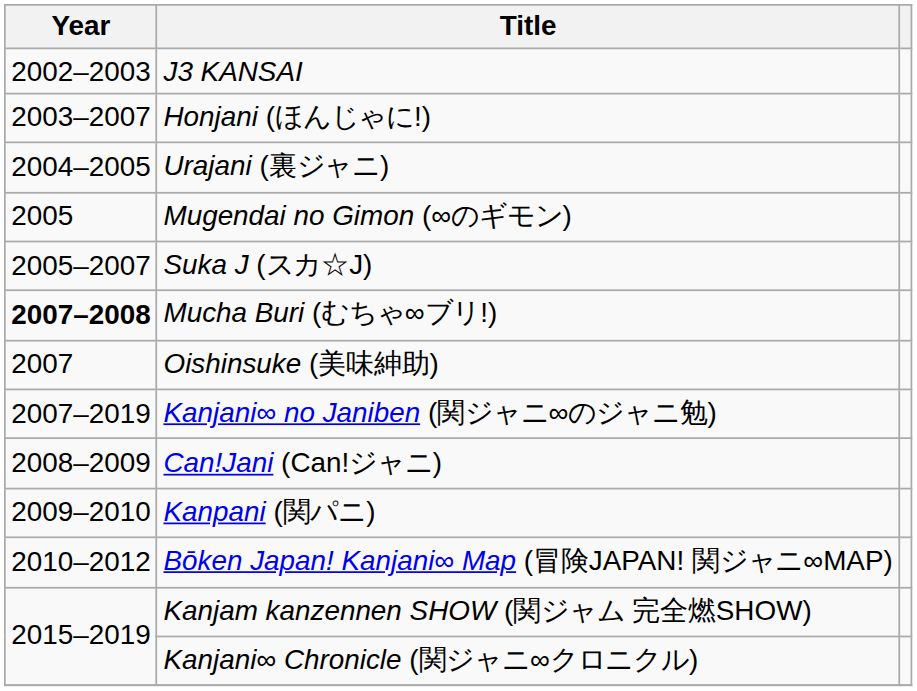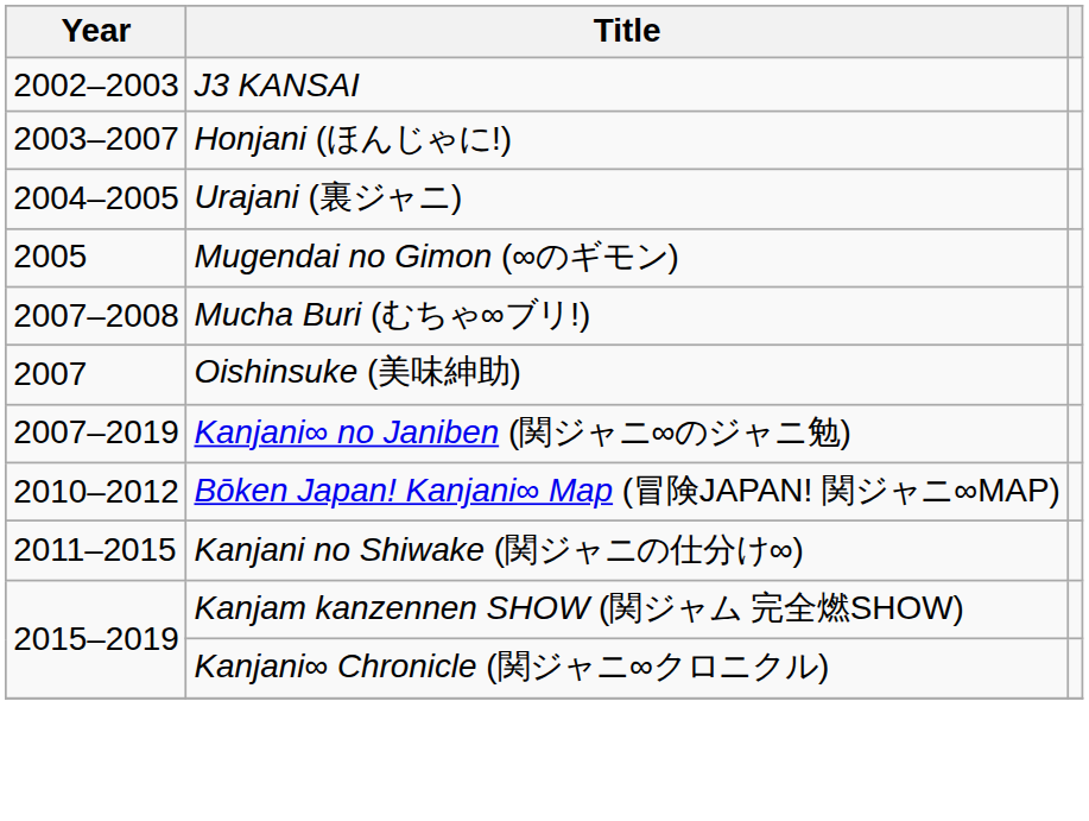 <table class="wikitable">
 <tr>
 <th>Year</th>
 <th>Title</th>
 <th></th>
 </tr>
 <tr>
 <td>2002–⁠2003</td>
 <td><em>J3 KANSAI</em></td>
 <td></td>
 </tr>
 <tr>
 <td>2003–⁠2007</td>
 <td><em>Honjani</em> (ほんじゃに!)</td>
 <td></td>
 </tr>
 <tr>
 <td>2004–⁠2005</td>
 <td><em>Urajani</em> (裏ジャニ)</td>
 <td></td>
 </tr>
 <tr>
 <td>2005</td>
 <td><em>Mugendai no Gimon</em> (∞のギモン)</td>
 <td></td>
 </tr>
 <tr>
-<td>2005–⁠2007</td>
-<td><em>Suka J</em> (スカ☆J)</td>
-<td></td>
-</tr>
-<tr>
-<td><strong>2007–⁠2008</strong></td>
+<td>2007–⁠2008</td>
 <td><em>Mucha Buri</em> (むちゃ∞ブリ!)</td>
 <td></td>
 </tr>
 <tr>
 <td>2007</td>
 <td><em>Oishinsuke</em> (美味紳助)</td>
 <td></td>
 </tr>
 <tr>
 <td>2007–2019</td>
 <td><em><a href='#'>Kanjani∞ no Janiben</a></em> (関ジャニ∞のジャニ勉)</td>
 <td></td>
 </tr>
 <tr>
-<td>2008–⁠2009</td>
-<td><em><a href='#'>Can!Jani</a></em> (Can!ジャニ)</td>
+<td>2010–⁠2012</td>
+<td><em><a href='#'>Bōken Japan! Kanjani∞ Map</a></em> (冒険JAPAN! 関ジャニ∞MAP)</td>
 <td></td>
 </tr>
 <tr>
-<td>2009–⁠2010</td>
-<td><em><a href='#'>Kanpani</a></em> (関パニ)</td>
-<td></td>
-</tr>
-<tr>
-<td>2010–⁠2012</td>
-<td><em><a href='#'>Bōken Japan! Kanjani∞ Map</a></em> (冒険JAPAN! 関ジャニ∞MAP)</td>
+<td>2011–⁠2015</td>
+<td><em>Kanjani no Shiwake</em> (関ジャニの仕分け∞)</td>
 <td></td>
 </tr>
 <tr>
 <td rowspan="2">2015–⁠2019</td>
 <td><em>Kanjam kanzennen SHOW</em> (関ジャム 完全燃SHOW)</td>
 <td></td>
 </tr>
 <tr>
 <td><em>Kanjani∞ Chronicle</em> (関ジャニ∞クロニクル)</td>
 <td></td>
 </tr>
 <tr>
 </tr>
 </table>
